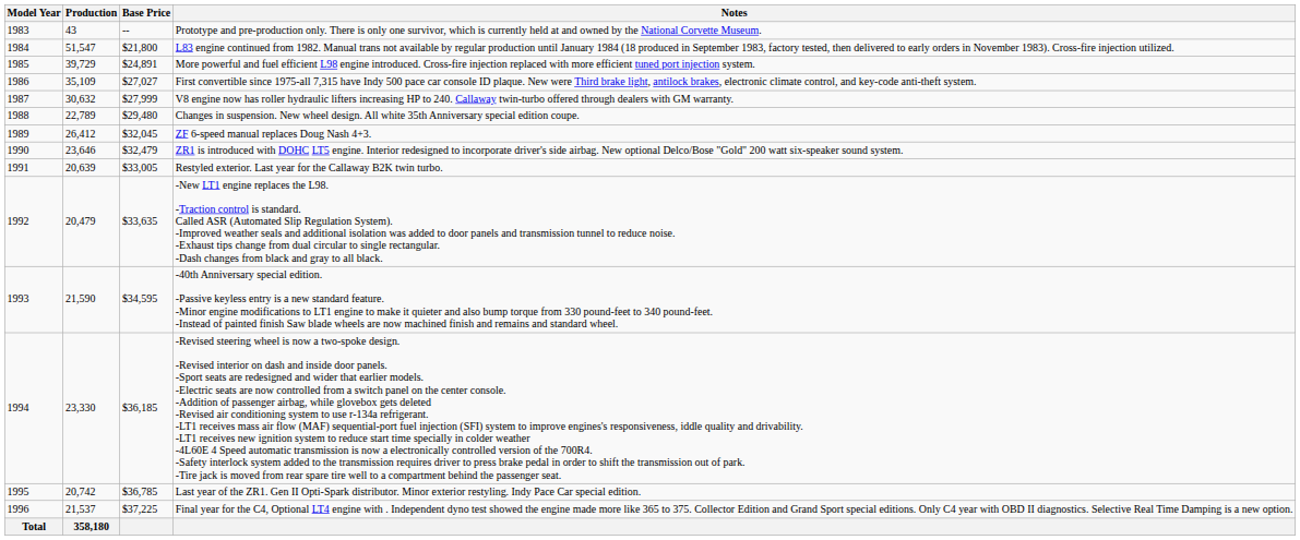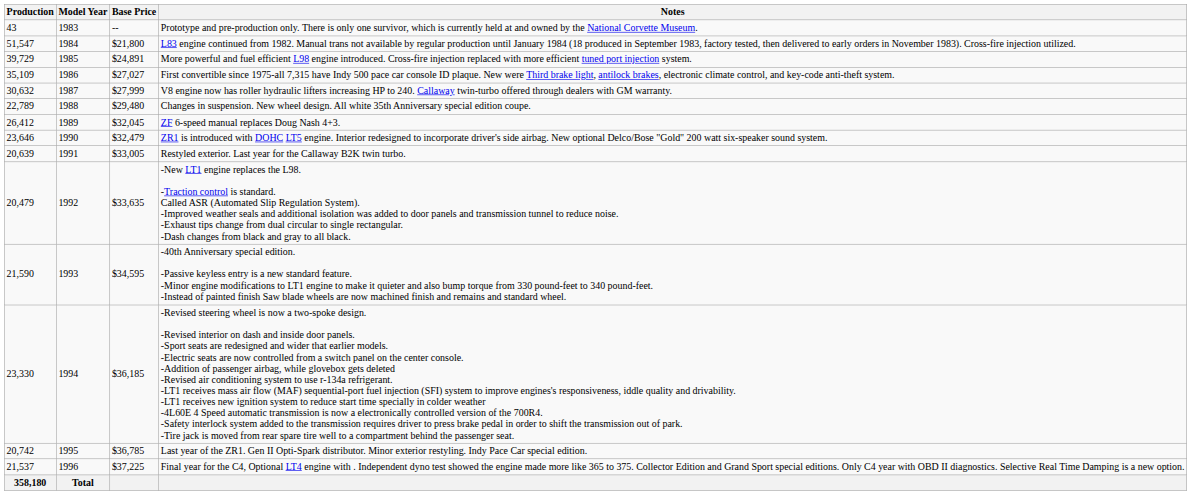 <table class="wikitable defaultcenter col4left">
 <tr>
+<th>Production</th>
 <th>Model Year</th>
-<th>Production</th>
 <th>Base Price</th>
 <th>Notes</th>
 </tr>
 <tr>
+<td>43</td>
 <td>1983</td>
-<td>43</td>
 <td>--</td>
 <td>Prototype and pre-production only. There is only one survivor, which is currently held at and owned by the <a href='#'>National Corvette Museum</a>.</td>
 </tr>
 <tr>
+<td>51,547</td>
 <td>1984</td>
-<td>51,547</td>
 <td>$21,800</td>
 <td><a href='#'>L83</a> engine continued from 1982. Manual trans not available by regular production until January 1984 (18 produced in September 1983, factory tested, then delivered to early orders in November 1983). Cross-fire injection utilized.</td>
 </tr>
 <tr>
+<td>39,729</td>
 <td>1985</td>
-<td>39,729</td>
 <td>$24,891</td>
 <td>More powerful and fuel efficient <a href='#'>L98</a> engine introduced. Cross-fire injection replaced with more efficient <a href='#'>tuned port injection</a> system.</td>
 </tr>
 <tr>
+<td>35,109</td>
 <td>1986</td>
-<td>35,109</td>
 <td>$27,027</td>
 <td>First convertible since 1975-all 7,315 have Indy 500 pace car console ID plaque. New were <a href='#'>Third brake light</a>, <a href='#'>antilock brakes</a>, electronic climate control, and key-code anti-theft system.</td>
 </tr>
 <tr>
+<td>30,632</td>
 <td>1987</td>
-<td>30,632</td>
 <td>$27,999</td>
 <td>V8 engine now has roller hydraulic lifters increasing HP to 240. <a href='#'>Callaway</a> twin-turbo offered through dealers with GM warranty.</td>
 </tr>
 <tr>
+<td>22,789</td>
 <td>1988</td>
-<td>22,789</td>
 <td>$29,480</td>
 <td>Changes in suspension. New wheel design. All white 35th Anniversary special edition coupe.</td>
 </tr>
 <tr>
+<td>26,412</td>
 <td>1989</td>
-<td>26,412</td>
 <td>$32,045</td>
 <td><a href='#'>ZF</a> 6-speed manual replaces Doug Nash 4+3.</td>
 </tr>
 <tr>
+<td>23,646</td>
 <td>1990</td>
-<td>23,646</td>
 <td>$32,479</td>
 <td><a href='#'>ZR1</a> is introduced with <a href='#'>DOHC</a> <a href='#'>LT5</a> engine. Interior redesigned to incorporate driver's side airbag. New optional Delco/Bose "Gold" 200 watt six-speaker sound system.</td>
 </tr>
 <tr>
+<td>20,639</td>
 <td>1991</td>
-<td>20,639</td>
 <td>$33,005</td>
 <td>Restyled exterior. Last year for the Callaway B2K twin turbo.</td>
 </tr>
 <tr>
+<td>20,479</td>
 <td>1992</td>
-<td>20,479</td>
 <td>$33,635</td>
 <td>-New <a href='#'>LT1</a> engine replaces the L98.<br><br>-<a href='#'>Traction control</a> is standard.<br> Called ASR (Automated Slip Regulation System).<br> -Improved weather seals and additional isolation was added to door panels and transmission tunnel to reduce noise.<br> -Exhaust tips change from dual circular to single rectangular.<br> -Dash changes from black and gray to all black.<br></td>
 </tr>
 <tr>
+<td>21,590</td>
 <td>1993</td>
-<td>21,590</td>
 <td>$34,595</td>
 <td>-40th Anniversary special edition.<br><br>-Passive keyless entry is a new standard feature.<br>  -Minor engine modifications to LT1 engine to make it quieter and also bump torque from 330 pound-feet to 340 pound-feet.<br> -Instead of painted finish Saw blade wheels are now machined finish and remains and standard wheel.<br></td>
 </tr>
 <tr>
+<td>23,330</td>
 <td>1994</td>
-<td>23,330</td>
 <td>$36,185</td>
 <td>-Revised steering wheel is now a two-spoke design.<br><br>-Revised interior on dash and inside door panels.<br> -Sport seats are redesigned and wider that earlier models.<br> -Electric seats are now controlled from a switch panel on the center console.<br> -Addition of passenger airbag, while glovebox gets deleted<br> -Revised air conditioning system to use r-134a refrigerant.<br> -LT1 receives mass air flow (MAF) sequential-port fuel injection (SFI) system to improve engines's responsiveness, iddle quality and drivability.<br> -LT1 receives new ignition system to reduce start time specially in colder weather<br> -4L60E 4 Speed automatic transmission is now a electronically controlled version of the 700R4.<br> -Safety interlock system added to the transmission requires driver to press brake pedal in order to shift the transmission out of park.<br> -Tire jack is moved from rear spare tire well to a compartment behind the passenger seat.<br></td>
 </tr>
 <tr>
+<td>20,742</td>
 <td>1995</td>
-<td>20,742</td>
 <td>$36,785</td>
 <td>Last year of the ZR1. Gen II Opti-Spark distributor. Minor exterior restyling. Indy Pace Car special edition.</td>
 </tr>
 <tr>
+<td>21,537</td>
 <td>1996</td>
-<td>21,537</td>
 <td>$37,225</td>
 <td>Final year for the C4, Optional <a href='#'>LT4</a> engine with . Independent dyno test showed the engine made more like 365 to 375. Collector Edition and Grand Sport special editions. Only C4 year with OBD II diagnostics. Selective Real Time Damping is a new option.</td>
 </tr>
 <tr>
+<th>358,180</th>
 <th>Total</th>
-<th>358,180</th>
 <th></th>
 <th></th>
 </tr>
 </table>
